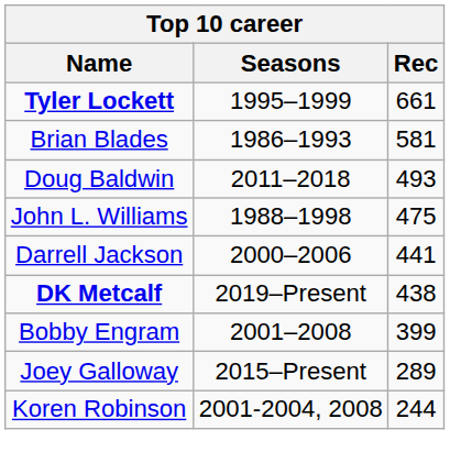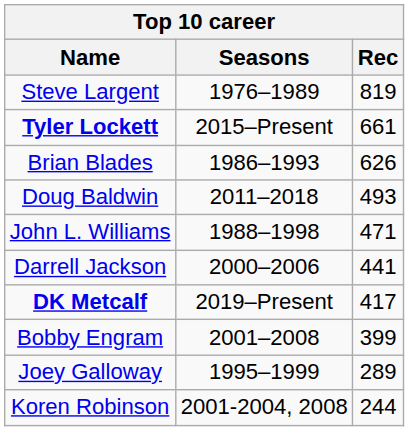 <table class="wikitable" style="text-align:center">
 <tr>
 <th colspan="3"><strong>Top 10 career</strong></th>
 </tr>
 <tr>
 <th><strong>Name</strong></th>
 <th><strong>Seasons</strong></th>
 <th><strong>Rec</strong></th>
 </tr>
 <tr>
+<td><a href='#'>Steve Largent</a></td>
+<td>1976–1989</td>
+<td>819</td>
+</tr>
+<tr>
 <td><strong><a href='#'>Tyler Lockett</a></strong></td>
-<td>1995–1999</td>
+<td>2015–Present</td>
 <td>661</td>
 </tr>
 <tr>
 <td><a href='#'>Brian Blades</a></td>
 <td>1986–1993</td>
-<td>581</td>
+<td>626</td>
 </tr>
 <tr>
 <td><a href='#'>Doug Baldwin</a></td>
 <td>2011–2018</td>
 <td>493</td>
 </tr>
 <tr>
 <td><a href='#'>John L. Williams</a></td>
 <td>1988–1998</td>
-<td>475</td>
+<td>471</td>
 </tr>
 <tr>
 <td><a href='#'>Darrell Jackson</a></td>
 <td>2000–2006</td>
 <td>441</td>
 </tr>
 <tr>
 <td><strong><a href='#'>DK Metcalf</a></strong></td>
 <td>2019–Present</td>
-<td>438</td>
+<td>417</td>
 </tr>
 <tr>
 <td><a href='#'>Bobby Engram</a></td>
 <td>2001–2008</td>
 <td>399</td>
 </tr>
 <tr>
 <td><a href='#'>Joey Galloway</a></td>
-<td>2015–Present</td>
+<td>1995–1999</td>
 <td>289</td>
 </tr>
 <tr>
 <td><a href='#'>Koren Robinson</a></td>
 <td>2001-2004, 2008</td>
 <td>244</td>
 </tr>
 </table>
